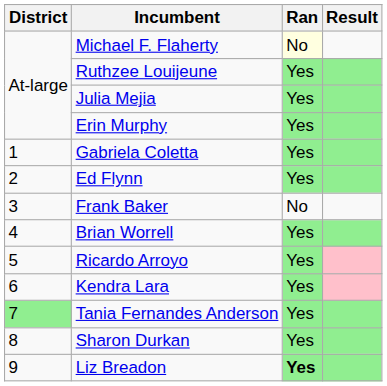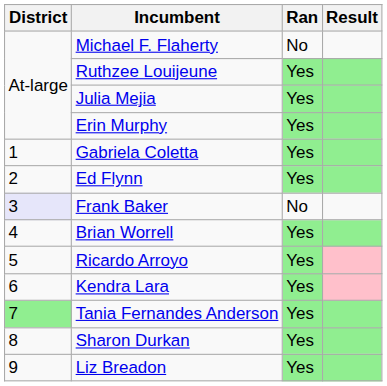 <table class="wikitable">
 <tr>
 <th>District</th>
 <th>Incumbent</th>
 <th>Ran</th>
 <th>Result</th>
 </tr>
 <tr>
 <td rowspan="4">At-large</td>
 <td><a href='#'>Michael F. Flaherty</a></td>
-<td style="background: lightyellow;">No</td>
+<td>No</td>
 <td></td>
 </tr>
 <tr>
 <td><a href='#'>Ruthzee Louijeune</a></td>
 <td bgcolor=lightgreen>Yes</td>
 <td bgcolor=lightgreen></td>
 </tr>
 <tr>
 <td><a href='#'>Julia Mejia</a></td>
 <td bgcolor=lightgreen>Yes</td>
 <td bgcolor=lightgreen></td>
 </tr>
 <tr>
 <td><a href='#'>Erin Murphy</a></td>
 <td bgcolor=lightgreen>Yes</td>
 <td bgcolor=lightgreen></td>
 </tr>
 <tr>
 <td>1</td>
 <td><a href='#'>Gabriela Coletta</a></td>
 <td bgcolor=lightgreen>Yes</td>
 <td bgcolor=lightgreen></td>
 </tr>
 <tr>
 <td>2</td>
 <td><a href='#'>Ed Flynn</a> </td>
 <td bgcolor=lightgreen>Yes</td>
 <td bgcolor=lightgreen></td>
 </tr>
 <tr>
-<td>3</td>
+<td style="background: lavender;">3</td>
 <td><a href='#'>Frank Baker</a></td>
 <td>No</td>
 <td></td>
 </tr>
 <tr>
 <td>4</td>
 <td><a href='#'>Brian Worrell</a></td>
 <td bgcolor=lightgreen>Yes</td>
 <td bgcolor=lightgreen></td>
 </tr>
 <tr>
 <td>5</td>
 <td><a href='#'>Ricardo Arroyo</a></td>
 <td bgcolor=lightgreen>Yes</td>
 <td bgcolor=pink></td>
 </tr>
 <tr>
 <td>6</td>
 <td><a href='#'>Kendra Lara</a></td>
 <td bgcolor=lightgreen>Yes</td>
 <td bgcolor=pink></td>
 </tr>
 <tr>
 <td style="background: lightgreen;">7</td>
 <td><a href='#'>Tania Fernandes Anderson</a></td>
 <td bgcolor=lightgreen>Yes</td>
 <td bgcolor=lightgreen></td>
 </tr>
 <tr>
 <td>8</td>
 <td><a href='#'>Sharon Durkan</a></td>
 <td bgcolor=lightgreen>Yes</td>
 <td bgcolor=lightgreen></td>
 </tr>
 <tr>
 <td>9</td>
 <td><a href='#'>Liz Breadon</a></td>
-<td bgcolor=lightgreen><strong>Yes</strong></td>
+<td bgcolor=lightgreen>Yes</td>
 <td bgcolor=lightgreen></td>
 </tr>
 </table>
